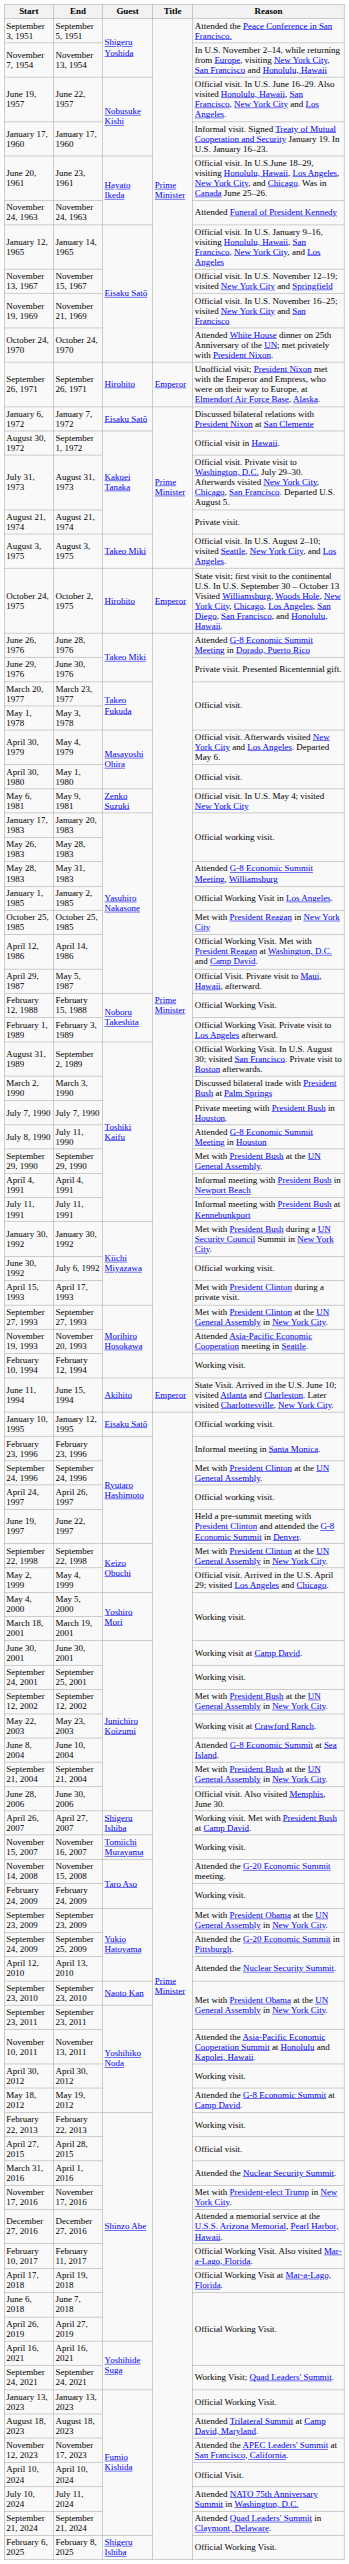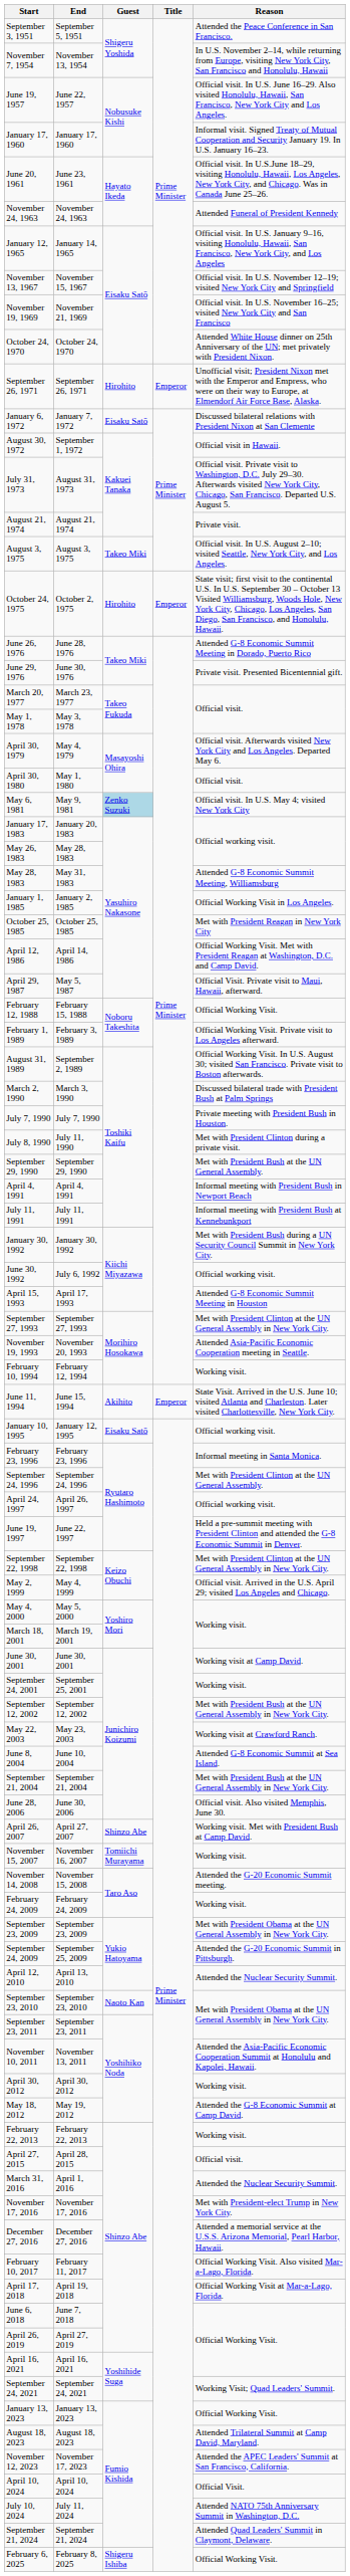 <table class="wikitable sortable">
 <tr>
 <th>Start</th>
 <th>End</th>
 <th>Guest</th>
 <th>Title</th>
 <th>Reason</th>
 </tr>
 <tr>
 <td>September 3, 1951</td>
 <td>September 5, 1951</td>
 <td rowspan=2><a href='#'>Shigeru Yoshida</a></td>
 <td rowspan=10><a href='#'>Prime Minister</a></td>
 <td>Attended the <a href='#'>Peace Conference in San Francisco.</a></td>
 </tr>
 <tr>
 <td>November 7, 1954</td>
 <td>November 13, 1954</td>
 <td>In U.S. November 2–14, while returning from <a href='#'>Europe</a>, visiting <a href='#'>New York City</a>, <a href='#'>San Francisco</a> and <a href='#'>Honolulu, Hawaii</a></td>
 </tr>
 <tr>
 <td>June 19, 1957</td>
 <td>June 22, 1957</td>
 <td rowspan=2><a href='#'>Nobusuke Kishi</a></td>
 <td>Official visit. In U.S. June 16–29. Also visited <a href='#'>Honolulu, Hawaii</a>, <a href='#'>San Francisco</a>, <a href='#'>New York City</a> and <a href='#'>Los Angeles</a>.</td>
 </tr>
 <tr>
 <td>January 17, 1960</td>
 <td>January 17, 1960</td>
 <td>Informal visit. Signed <a href='#'>Treaty of Mutual Cooperation and Security</a> January 19. In U.S. January 16–23.</td>
 </tr>
 <tr>
 <td>June 20, 1961</td>
 <td>June 23, 1961</td>
 <td rowspan=2><a href='#'>Hayato Ikeda</a></td>
 <td>Official visit. In U.S.June 18–29, visiting <a href='#'>Honolulu, Hawaii</a>, <a href='#'>Los Angeles</a>, <a href='#'>New York City</a>, and <a href='#'>Chicago</a>. Was in <a href='#'>Canada</a> June 25–26.</td>
 </tr>
 <tr>
 <td>November 24, 1963</td>
 <td>November 24, 1963</td>
 <td>Attended <a href='#'>Funeral of President Kennedy</a></td>
 </tr>
 <tr>
 <td>January 12, 1965</td>
 <td>January 14, 1965</td>
 <td rowspan=4><a href='#'>Eisaku Satō</a></td>
 <td>Official visit. In U.S. January 9–16, visiting <a href='#'>Honolulu, Hawaii</a>, <a href='#'>San Francisco</a>, <a href='#'>New York City</a>, and <a href='#'>Los Angeles</a></td>
 </tr>
 <tr>
 <td>November 13, 1967</td>
 <td>November 15, 1967</td>
 <td>Official visit. In U.S. November 12–19; visited <a href='#'>New York City</a> and <a href='#'>Springfield</a></td>
 </tr>
 <tr>
 <td>November 19, 1969</td>
 <td>November 21, 1969</td>
 <td>Official visit. In U.S. November 16–25; visited <a href='#'>New York City</a> and <a href='#'>San Francisco</a></td>
 </tr>
 <tr>
 <td>October 24, 1970</td>
 <td>October 24, 1970</td>
 <td>Attended <a href='#'>White House</a> dinner on 25th Anniversary of the <a href='#'>UN</a>; met privately with <a href='#'>President Nixon</a>.</td>
 </tr>
 <tr>
 <td>September 26, 1971</td>
 <td>September 26, 1971</td>
 <td><a href='#'>Hirohito</a></td>
 <td><a href='#'>Emperor</a></td>
 <td>Unofficial visit; <a href='#'>President Nixon</a> met with the Emperor and Empress, who were on their way to Europe, at <a href='#'>Elmendorf Air Force Base</a>, <a href='#'>Alaska</a>.</td>
 </tr>
 <tr>
 <td>January 6, 1972</td>
 <td>January 7, 1972</td>
 <td><a href='#'>Eisaku Satō</a></td>
 <td rowspan=5><a href='#'>Prime Minister</a></td>
 <td>Discussed bilateral relations with <a href='#'>President Nixon</a> at <a href='#'>San Clemente</a></td>
 </tr>
 <tr>
 <td>August 30, 1972</td>
 <td>September 1, 1972</td>
 <td rowspan=3><a href='#'>Kakuei Tanaka</a></td>
 <td>Official visit in <a href='#'>Hawaii</a>.</td>
 </tr>
 <tr>
 <td>July 31, 1973</td>
 <td>August 31, 1973</td>
 <td>Official visit. Private visit to <a href='#'>Washington, D.C.</a> July 29–30. Afterwards visited <a href='#'>New York City</a>, <a href='#'>Chicago</a>, <a href='#'>San Francisco</a>. Departed U.S. August 5.</td>
 </tr>
 <tr>
 <td>August 21, 1974</td>
 <td>August 21, 1974</td>
 <td>Private visit.</td>
 </tr>
 <tr>
 <td>August 3, 1975</td>
 <td>August 3, 1975</td>
 <td><a href='#'>Takeo Miki</a></td>
 <td>Official visit. In U.S. August 2–10; visited <a href='#'>Seattle</a>, <a href='#'>New York City</a>, and <a href='#'>Los Angeles</a>.</td>
 </tr>
 <tr>
 <td>October 24, 1975</td>
 <td>October 2, 1975</td>
 <td><a href='#'>Hirohito</a></td>
 <td><a href='#'>Emperor</a></td>
 <td>State visit; first visit to the continental U.S. In U.S. September 30 – October 13<br>Visited <a href='#'>Williamsburg</a>, <a href='#'>Woods Hole</a>, <a href='#'>New York City</a>, <a href='#'>Chicago</a>, <a href='#'>Los Angeles</a>, <a href='#'>San Diego</a>, <a href='#'>San Francisco</a>, and <a href='#'>Honolulu, Hawaii</a>.</td>
 </tr>
 <tr>
 <td>June 26, 1976</td>
 <td>June 28, 1976</td>
 <td rowspan="2"><a href='#'>Takeo Miki</a></td>
 <td rowspan=29><a href='#'>Prime Minister</a></td>
 <td>Attended <a href='#'>G-8 Economic Summit Meeting</a> in <a href='#'>Dorado, Puerto Rico</a></td>
 </tr>
 <tr>
 <td>June 29, 1976</td>
 <td>June 30, 1976</td>
 <td>Private visit. Presented Bicentennial gift.</td>
 </tr>
 <tr>
 <td>March 20, 1977</td>
 <td>March 23, 1977</td>
 <td rowspan=2><a href='#'>Takeo Fukuda</a></td>
 <td rowspan=2>Official visit.</td>
 </tr>
 <tr>
 <td>May 1, 1978</td>
 <td>May 3, 1978</td>
 </tr>
 <tr>
 <td>April 30, 1979</td>
 <td>May 4, 1979</td>
 <td rowspan=2><a href='#'>Masayoshi Ohira</a></td>
 <td>Official visit. Afterwards visited <a href='#'>New York City</a> and <a href='#'>Los Angeles</a>. Departed May 6.</td>
 </tr>
 <tr>
 <td>April 30, 1980</td>
 <td>May 1, 1980</td>
 <td>Official visit.</td>
 </tr>
 <tr>
 <td>May 6, 1981</td>
 <td>May 9, 1981</td>
-<td><a href='#'>Zenko Suzuki</a></td>
+<td style="background: lightblue;"><a href='#'>Zenko Suzuki</a></td>
 <td>Official visit. In U.S. May 4; visited <a href='#'>New York City</a></td>
 </tr>
 <tr>
 <td>January 17, 1983</td>
 <td>January 20, 1983</td>
 <td rowspan=7><a href='#'>Yasuhiro Nakasone</a></td>
 <td rowspan=2>Official working visit.</td>
 </tr>
 <tr>
 <td>May 26, 1983</td>
 <td>May 28, 1983</td>
 </tr>
 <tr>
 <td>May 28, 1983</td>
 <td>May 31, 1983</td>
 <td>Attended <a href='#'>G-8 Economic Summit Meeting</a>, <a href='#'>Williamsburg</a></td>
 </tr>
 <tr>
 <td>January 1, 1985</td>
 <td>January 2, 1985</td>
 <td>Official Working Visit in <a href='#'>Los Angeles</a>.</td>
 </tr>
 <tr>
 <td>October 25, 1985</td>
 <td>October 25, 1985</td>
 <td>Met with <a href='#'>President Reagan</a> in <a href='#'>New York City</a></td>
 </tr>
 <tr>
 <td>April 12, 1986</td>
 <td>April 14, 1986</td>
 <td>Official Working Visit. Met with <a href='#'>President Reagan</a> at <a href='#'>Washington, D.C.</a> and <a href='#'>Camp David</a>.</td>
 </tr>
 <tr>
 <td>April 29, 1987</td>
 <td>May 5, 1987</td>
 <td>Official Visit. Private visit to <a href='#'>Maui</a>, <a href='#'>Hawaii</a>, afterward.</td>
 </tr>
 <tr>
 <td>February 12, 1988</td>
 <td>February 15, 1988</td>
 <td rowspan=2><a href='#'>Noboru Takeshita</a></td>
 <td>Official Working Visit.</td>
 </tr>
 <tr>
 <td>February 1, 1989</td>
 <td>February 3, 1989</td>
 <td>Official Working Visit. Private visit to <a href='#'>Los Angeles</a> afterward.</td>
 </tr>
 <tr>
 <td>August 31, 1989</td>
 <td>September 2, 1989</td>
 <td rowspan=7><a href='#'>Toshiki Kaifu</a></td>
 <td>Official Working Visit. In U.S. August 30; visited <a href='#'>San Francisco</a>. Private visit to <a href='#'>Boston</a> afterwards.</td>
 </tr>
 <tr>
 <td>March 2, 1990</td>
 <td>March 3, 1990</td>
 <td>Discussed bilateral trade with <a href='#'>President Bush</a> at <a href='#'>Palm Springs</a></td>
 </tr>
 <tr>
 <td>July 7, 1990</td>
 <td>July 7, 1990</td>
 <td>Private meeting with <a href='#'>President Bush</a> in <a href='#'>Houston</a>.</td>
 </tr>
 <tr>
 <td>July 8, 1990</td>
 <td>July 11, 1990</td>
-<td>Attended <a href='#'>G-8 Economic Summit Meeting</a> in <a href='#'>Houston</a></td>
+<td>Met with <a href='#'>President Clinton</a> during a private visit.</td>
 </tr>
 <tr>
 <td>September 29, 1990</td>
 <td>September 29, 1990</td>
 <td>Met with <a href='#'>President Bush</a> at the <a href='#'>UN General Assembly</a>.</td>
 </tr>
 <tr>
 <td>April 4, 1991</td>
 <td>April 4, 1991</td>
 <td>Informal meeting with <a href='#'>President Bush</a> in <a href='#'>Newport Beach</a></td>
 </tr>
 <tr>
 <td>July 11, 1991</td>
 <td>July 11, 1991</td>
 <td>Informal meeting with <a href='#'>President Bush</a> at <a href='#'>Kennebunkport</a></td>
 </tr>
 <tr>
 <td>January 30, 1992</td>
 <td>January 30, 1992</td>
 <td rowspan=3><a href='#'>Kiichi Miyazawa</a></td>
 <td>Met with <a href='#'>President Bush</a> during a <a href='#'>UN Security Council</a> Summit in <a href='#'>New York City</a>.</td>
 </tr>
 <tr>
 <td>June 30, 1992</td>
 <td>July 6, 1992</td>
 <td>Official working visit.</td>
 </tr>
 <tr>
 <td>April 15, 1993</td>
 <td>April 17, 1993</td>
-<td>Met with <a href='#'>President Clinton</a> during a private visit.</td>
+<td>Attended <a href='#'>G-8 Economic Summit Meeting</a> in <a href='#'>Houston</a></td>
 </tr>
 <tr>
 <td>September 27, 1993</td>
 <td>September 27, 1993</td>
 <td rowspan=3><a href='#'>Morihiro Hosokawa</a></td>
 <td>Met with <a href='#'>President Clinton</a> at the <a href='#'>UN General Assembly</a> in <a href='#'>New York City</a>.</td>
 </tr>
 <tr>
 <td>November 19, 1993</td>
 <td>November 20, 1993</td>
 <td>Attended <a href='#'>Asia-Pacific Economic Cooperation</a> meeting in <a href='#'>Seattle</a>.</td>
 </tr>
 <tr>
 <td>February 10, 1994</td>
 <td>February 12, 1994</td>
 <td>Working visit.</td>
 </tr>
 <tr>
 <td>June 11, 1994</td>
 <td>June 15, 1994</td>
 <td><a href='#'>Akihito</a></td>
 <td><a href='#'>Emperor</a></td>
 <td>State Visit. Arrived in the U.S. June 10; visited <a href='#'>Atlanta</a> and <a href='#'>Charleston</a>. Later visited <a href='#'>Charlottesville</a>, <a href='#'>New York City</a>.</td>
 </tr>
 <tr>
 <td>January 10, 1995</td>
 <td>January 12, 1995</td>
 <td><a href='#'>Eisaku Satō</a></td>
 <td rowspan=46><a href='#'>Prime Minister</a></td>
 <td>Official working visit.</td>
 </tr>
 <tr>
 <td>February 23, 1996</td>
 <td>February 23, 1996</td>
 <td rowspan=4><a href='#'>Ryutaro Hashimoto</a></td>
 <td>Informal meeting in <a href='#'>Santa Monica</a>.</td>
 </tr>
 <tr>
 <td>September 24, 1996</td>
 <td>September 24, 1996</td>
 <td>Met with <a href='#'>President Clinton</a> at the <a href='#'>UN General Assembly</a>.</td>
 </tr>
 <tr>
 <td>April 24, 1997</td>
 <td>April 26, 1997</td>
 <td>Official working visit.</td>
 </tr>
 <tr>
 <td>June 19, 1997</td>
 <td>June 22, 1997</td>
 <td>Held a pre-summit meeting with <a href='#'>President Clinton</a> and attended the <a href='#'>G-8 Economic Summit</a> in <a href='#'>Denver</a>.</td>
 </tr>
 <tr>
 <td>September 22, 1998</td>
 <td>September 22, 1998</td>
 <td rowspan=2><a href='#'>Keizo Obuchi</a></td>
 <td>Met with <a href='#'>President Clinton</a> at the <a href='#'>UN General Assembly</a> in <a href='#'>New York City</a>.</td>
 </tr>
 <tr>
 <td>May 2, 1999</td>
 <td>May 4, 1999</td>
 <td>Official visit. Arrived in the U.S. April 29; visited <a href='#'>Los Angeles</a> and <a href='#'>Chicago</a>.</td>
 </tr>
 <tr>
 <td>May 4, 2000</td>
 <td>May 5, 2000</td>
 <td rowspan=2><a href='#'>Yoshiro Mori</a></td>
 <td rowspan=2>Working visit.</td>
 </tr>
 <tr>
 <td>March 18, 2001</td>
 <td>March 19, 2001</td>
 </tr>
 <tr>
 <td>June 30, 2001</td>
 <td>June 30, 2001</td>
 <td rowspan=7><a href='#'>Junichiro Koizumi</a></td>
 <td>Working visit at <a href='#'>Camp David</a>.</td>
 </tr>
 <tr>
 <td>September 24, 2001</td>
 <td>September 25, 2001</td>
 <td>Working visit.</td>
 </tr>
 <tr>
 <td>September 12, 2002</td>
 <td>September 12, 2002</td>
 <td>Met with <a href='#'>President Bush</a> at the <a href='#'>UN General Assembly</a> in <a href='#'>New York City</a>.</td>
 </tr>
 <tr>
 <td>May 22, 2003</td>
 <td>May 23, 2003</td>
 <td>Working visit at <a href='#'>Crawford Ranch</a>.</td>
 </tr>
 <tr>
 <td>June 8, 2004</td>
 <td>June 10, 2004</td>
 <td>Attended <a href='#'>G-8 Economic Summit</a> at <a href='#'>Sea Island</a>.</td>
 </tr>
 <tr>
 <td>September 21, 2004</td>
 <td>September 21, 2004</td>
 <td>Met with <a href='#'>President Bush</a> at the <a href='#'>UN General Assembly</a> in <a href='#'>New York City</a>.</td>
 </tr>
 <tr>
 <td>June 28, 2006</td>
 <td>June 30, 2006</td>
 <td>Official visit. Also visited <a href='#'>Memphis</a>, June 30.</td>
 </tr>
 <tr>
 <td>April 26, 2007</td>
 <td>April 27, 2007</td>
-<td><a href='#'>Shigeru Ishiba</a></td>
+<td><a href='#'>Shinzo Abe</a></td>
 <td>Working visit. Met with <a href='#'>President Bush</a> at <a href='#'>Camp David</a>.</td>
 </tr>
 <tr>
 <td>November 15, 2007</td>
 <td>November 16, 2007</td>
 <td><a href='#'>Tomiichi Murayama</a></td>
 <td>Working visit.</td>
 </tr>
 <tr>
 <td>November 14, 2008</td>
 <td>November 15, 2008</td>
 <td rowspan=2><a href='#'>Taro Aso</a></td>
 <td>Attended the <a href='#'>G-20 Economic Summit</a> meeting.</td>
 </tr>
 <tr>
 <td>February 24, 2009</td>
 <td>February 24, 2009</td>
 <td>Working visit.</td>
 </tr>
 <tr>
 <td>September 23, 2009</td>
 <td>September 23, 2009</td>
 <td rowspan=3><a href='#'>Yukio Hatoyama</a></td>
 <td>Met with <a href='#'>President Obama</a> at the <a href='#'>UN General Assembly</a> in <a href='#'>New York City</a>.</td>
 </tr>
 <tr>
 <td>September 24, 2009</td>
 <td>September 25, 2009</td>
 <td>Attended the <a href='#'>G-20 Economic Summit</a> in <a href='#'>Pittsburgh</a>.</td>
 </tr>
 <tr>
 <td>April 12, 2010</td>
 <td>April 13, 2010</td>
 <td>Attended the <a href='#'>Nuclear Security Summit</a>.</td>
 </tr>
 <tr>
 <td>September 23, 2010</td>
 <td>September 23, 2010</td>
 <td><a href='#'>Naoto Kan</a></td>
 <td rowspan=2>Met with <a href='#'>President Obama</a> at the <a href='#'>UN General Assembly</a> in <a href='#'>New York City</a>.</td>
 </tr>
 <tr>
 <td>September 23, 2011</td>
 <td>September 23, 2011</td>
 <td rowspan=4><a href='#'>Yoshihiko Noda</a></td>
 </tr>
 <tr>
 <td>November 10, 2011</td>
 <td>November 13, 2011</td>
 <td>Attended the <a href='#'>Asia-Pacific Economic Cooperation Summit</a> at <a href='#'>Honolulu</a> and <a href='#'>Kapolei, Hawaii</a>.</td>
 </tr>
 <tr>
 <td>April 30, 2012</td>
 <td>April 30, 2012</td>
 <td>Working visit.</td>
 </tr>
 <tr>
 <td>May 18, 2012</td>
 <td>May 19, 2012</td>
 <td>Attended the <a href='#'>G-8 Economic Summit</a> at <a href='#'>Camp David</a>.</td>
 </tr>
 <tr>
 <td>February 22, 2013</td>
 <td>February 22, 2013</td>
 <td rowspan=9><a href='#'>Shinzo Abe</a></td>
 <td>Working visit.</td>
 </tr>
 <tr>
 <td>April 27, 2015</td>
 <td>April 28, 2015</td>
 <td>Official visit.</td>
 </tr>
 <tr>
 <td>March 31, 2016</td>
 <td>April 1, 2016</td>
 <td>Attended the <a href='#'>Nuclear Security Summit</a>.</td>
 </tr>
 <tr>
 <td>November 17, 2016</td>
 <td>November 17, 2016</td>
 <td>Met with <a href='#'>President-elect Trump</a> in <a href='#'>New York City</a>.</td>
 </tr>
 <tr>
 <td>December 27, 2016</td>
 <td>December 27, 2016</td>
 <td>Attended a memorial service at the <a href='#'>U.S.S. Arizona Memorial</a>, <a href='#'>Pearl Harbor, Hawaii</a>.</td>
 </tr>
 <tr>
 <td>February 10, 2017</td>
 <td>February 11, 2017</td>
 <td>Official Working Visit. Also visited <a href='#'>Mar-a-Lago, Florida</a>.</td>
 </tr>
 <tr>
 <td>April 17, 2018</td>
 <td>April 19, 2018</td>
 <td>Official Working Visit at <a href='#'>Mar-a-Lago, Florida</a>.</td>
 </tr>
 <tr>
 <td>June 6, 2018</td>
 <td>June 7, 2018</td>
 <td rowspan=3>Official Working Visit.</td>
 </tr>
 <tr>
 <td>April 26, 2019</td>
 <td>April 27, 2019</td>
 </tr>
 <tr>
 <td>April 16, 2021</td>
 <td>April 16, 2021</td>
 <td rowspan=2><a href='#'>Yoshihide Suga</a></td>
 </tr>
 <tr>
 <td>September 24, 2021</td>
 <td>September 24, 2021</td>
 <td>Working Visit; <a href='#'>Quad Leaders' Summit</a>.</td>
 </tr>
 <tr>
 <td>January 13, 2023</td>
 <td>January 13, 2023</td>
 <td rowspan=6><a href='#'>Fumio Kishida</a></td>
 <td>Official Working Visit.</td>
 </tr>
 <tr>
 <td>August 18, 2023</td>
 <td>August 18, 2023</td>
 <td>Attended <a href='#'>Trilateral Summit</a> at <a href='#'>Camp David, Maryland</a>.</td>
 </tr>
 <tr>
 <td>November 12, 2023</td>
 <td>November 17, 2023</td>
 <td>Attended the <a href='#'>APEC Leaders' Summit</a> at <a href='#'>San Francisco, California</a>.</td>
 </tr>
 <tr>
 <td>April 10, 2024</td>
 <td>April 10, 2024</td>
 <td>Official Visit.</td>
 </tr>
 <tr>
 <td>July 10, 2024</td>
 <td>July 11, 2024</td>
 <td>Attended <a href='#'>NATO 75th Anniversary Summit</a> in <a href='#'>Washington, D.C.</a></td>
 </tr>
 <tr>
 <td>September 21, 2024</td>
 <td>September 21, 2024</td>
 <td>Attended <a href='#'>Quad Leaders' Summit</a> in <a href='#'>Claymont, Delaware</a>.</td>
 </tr>
 <tr>
 <td>February 6, 2025</td>
 <td>February 8, 2025</td>
 <td><a href='#'>Shigeru Ishiba</a></td>
 <td>Official Working Visit.</td>
 </tr>
 </table>
